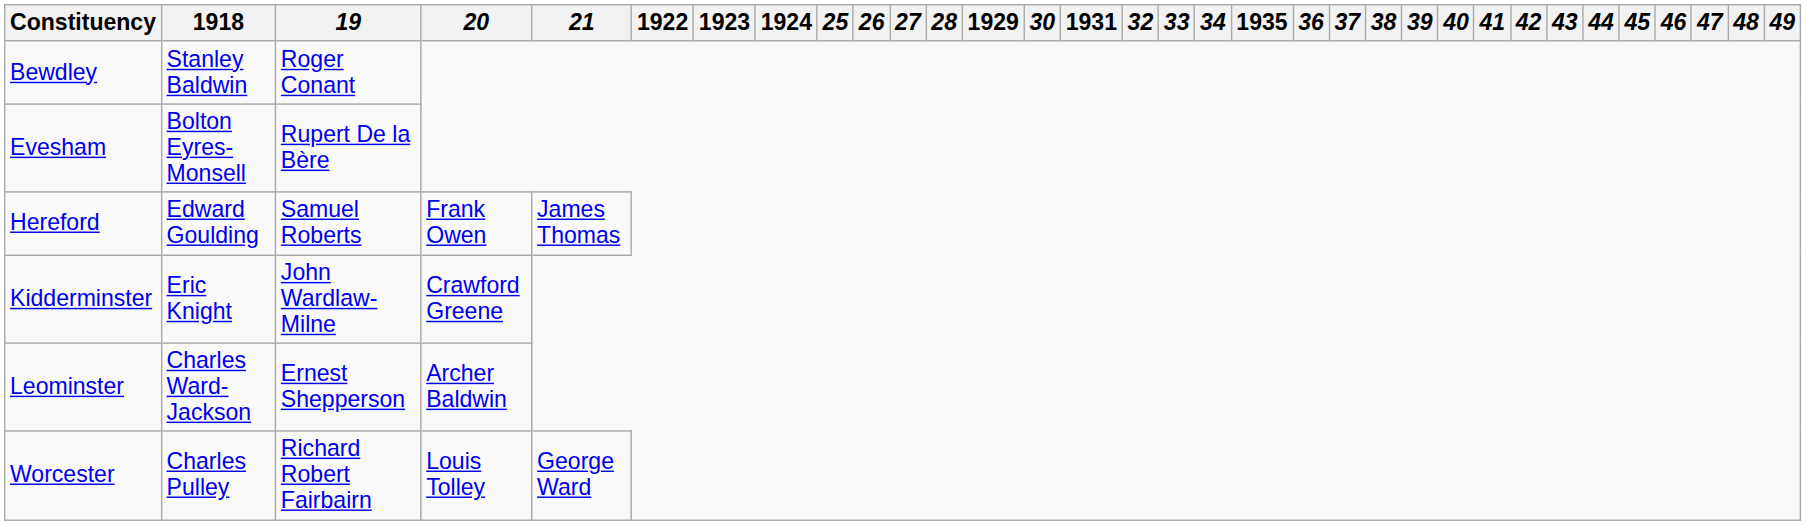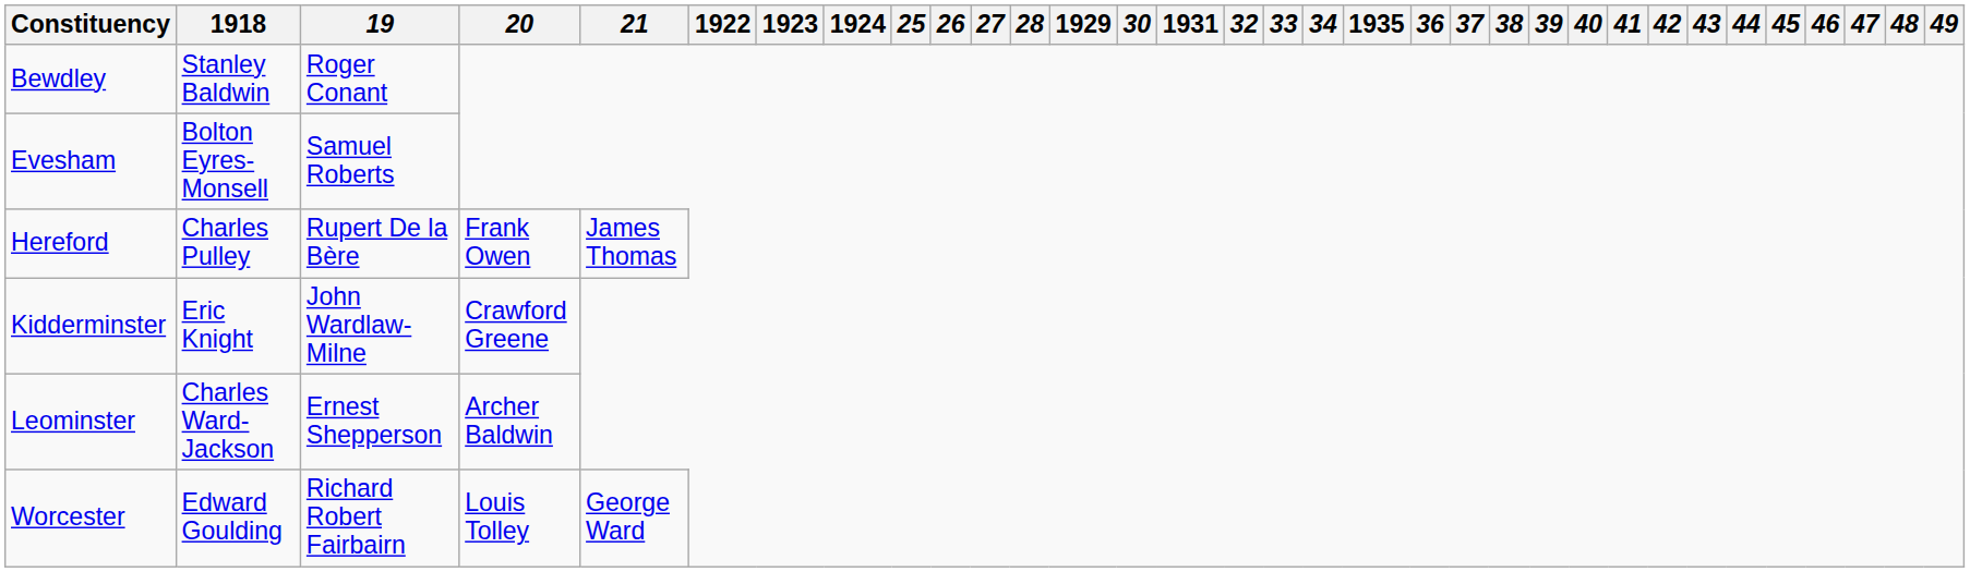 <table class="wikitable">
 <tr>
 <th>Constituency</th>
 <th>1918</th>
 <th><em>19</em></th>
 <th><em>20</em></th>
 <th><em>21</em></th>
 <th>1922</th>
 <th>1923</th>
 <th>1924</th>
 <th><em>25</em></th>
 <th><em>26</em></th>
 <th><em>27</em></th>
 <th><em>28</em></th>
 <th>1929</th>
 <th><em>30</em></th>
 <th>1931</th>
 <th><em>32</em></th>
 <th><em>33</em></th>
 <th><em>34</em></th>
 <th>1935</th>
 <th><em>36</em></th>
 <th><em>37</em></th>
 <th><em>38</em></th>
 <th><em>39</em></th>
 <th><em>40</em></th>
 <th><em>41</em></th>
 <th><em>42</em></th>
 <th><em>43</em></th>
 <th><em>44</em></th>
 <th><em>45</em></th>
 <th><em>46</em></th>
 <th><em>47</em></th>
 <th><em>48</em></th>
 <th><em>49</em></th>
 </tr>
 <tr>
 <td><a href='#'>Bewdley</a></td>
 <td><a href='#'>Stanley Baldwin</a></td>
 <td><a href='#'>Roger Conant</a></td>
 </tr>
 <tr>
 <td><a href='#'>Evesham</a></td>
 <td><a href='#'>Bolton Eyres-Monsell</a></td>
-<td><a href='#'>Rupert De la Bère</a></td>
+<td><a href='#'>Samuel Roberts</a></td>
 </tr>
 <tr>
 <td><a href='#'>Hereford</a></td>
-<td><a href='#'>Edward Goulding</a></td>
-<td><a href='#'>Samuel Roberts</a></td>
+<td><a href='#'>Charles Pulley</a></td>
+<td><a href='#'>Rupert De la Bère</a></td>
 <td><a href='#'>Frank Owen</a></td>
 <td><a href='#'>James Thomas</a></td>
 </tr>
 <tr>
 <td><a href='#'>Kidderminster</a></td>
 <td><a href='#'>Eric Knight</a></td>
 <td><a href='#'>John Wardlaw-Milne</a></td>
 <td><a href='#'>Crawford Greene</a></td>
 </tr>
 <tr>
 <td><a href='#'>Leominster</a></td>
 <td><a href='#'>Charles Ward-Jackson</a></td>
 <td><a href='#'>Ernest Shepperson</a></td>
 <td><a href='#'>Archer Baldwin</a></td>
 </tr>
 <tr>
 <td><a href='#'>Worcester</a></td>
-<td><a href='#'>Charles Pulley</a></td>
+<td><a href='#'>Edward Goulding</a></td>
 <td><a href='#'>Richard Robert Fairbairn</a></td>
 <td><a href='#'>Louis Tolley</a></td>
 <td><a href='#'>George Ward</a></td>
 </tr>
 </table>
